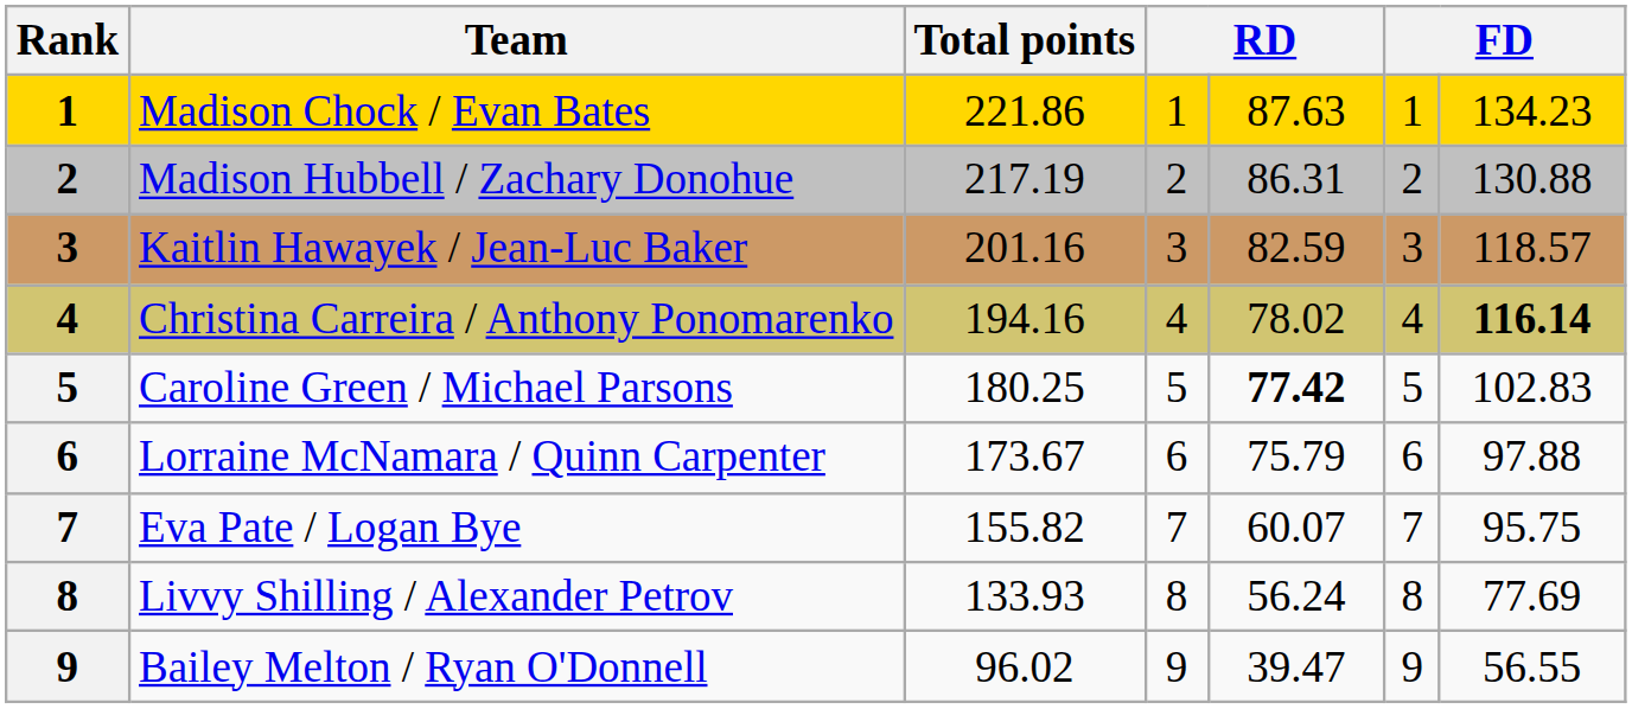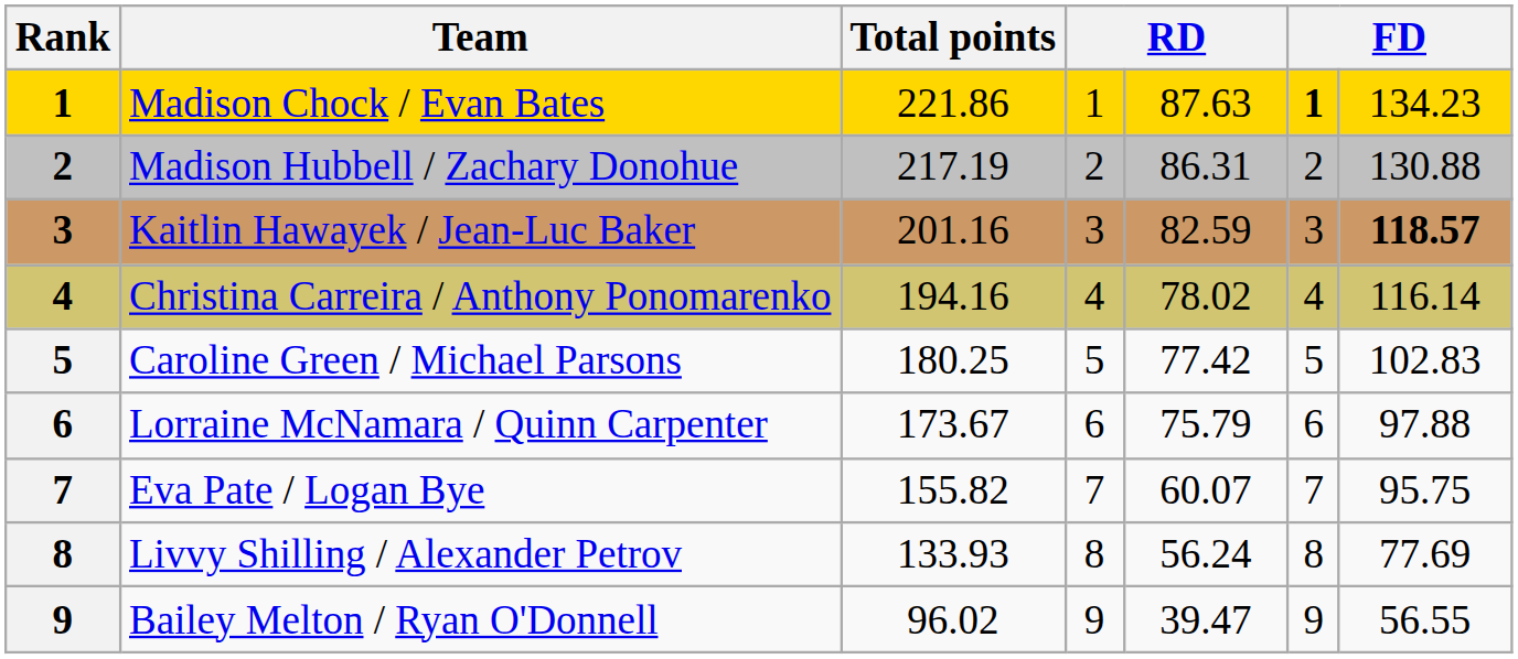 <table class="wikitable sortable">
 <tr>
 <th>Rank</th>
 <th>Team</th>
 <th>Total points</th>
 <th colspan="2" width="80px"><a href='#'>RD</a></th>
 <th colspan="2" width="80px"><a href='#'>FD</a></th>
 </tr>
 <tr bgcolor="gold">
 <td align="center"><strong>1</strong></td>
 <td><a href='#'>Madison Chock</a> / <a href='#'>Evan Bates</a></td>
 <td align="center">221.86</td>
 <td align="center">1</td>
 <td align="center">87.63</td>
-<td align="center">1</td>
+<td align="center"><strong>1</strong></td>
 <td align="center">134.23</td>
 </tr>
 <tr bgcolor="silver">
 <td align="center"><strong>2</strong></td>
 <td><a href='#'>Madison Hubbell</a> / <a href='#'>Zachary Donohue</a></td>
 <td align="center">217.19</td>
 <td align="center">2</td>
 <td align="center">86.31</td>
 <td align="center">2</td>
 <td align="center">130.88</td>
 </tr>
 <tr bgcolor="cc9966">
 <td align="center"><strong>3</strong></td>
 <td><a href='#'>Kaitlin Hawayek</a> / <a href='#'>Jean-Luc Baker</a></td>
 <td align="center">201.16</td>
 <td align="center">3</td>
 <td align="center">82.59</td>
 <td align="center">3</td>
-<td align="center">118.57</td>
+<td align="center"><strong>118.57</strong></td>
 </tr>
 <tr bgcolor="#d1c571">
 <td align="center"><strong>4</strong></td>
 <td><a href='#'>Christina Carreira</a> / <a href='#'>Anthony Ponomarenko</a></td>
 <td align="center">194.16</td>
 <td align="center">4</td>
 <td align="center">78.02</td>
 <td align="center">4</td>
-<td align="center"><strong>116.14</strong></td>
+<td align="center">116.14</td>
 </tr>
 <tr>
 <th>5</th>
 <td><a href='#'>Caroline Green</a> / <a href='#'>Michael Parsons</a></td>
 <td align="center">180.25</td>
 <td align="center">5</td>
-<td align="center"><strong>77.42</strong></td>
+<td align="center">77.42</td>
 <td align="center">5</td>
 <td align="center">102.83</td>
 </tr>
 <tr>
 <th>6</th>
 <td><a href='#'>Lorraine McNamara</a> / <a href='#'>Quinn Carpenter</a></td>
 <td align="center">173.67</td>
 <td align="center">6</td>
 <td align="center">75.79</td>
 <td align="center">6</td>
 <td align="center">97.88</td>
 </tr>
 <tr>
 <th>7</th>
 <td><a href='#'>Eva Pate</a> / <a href='#'>Logan Bye</a></td>
 <td align="center">155.82</td>
 <td align="center">7</td>
 <td align="center">60.07</td>
 <td align="center">7</td>
 <td align="center">95.75</td>
 </tr>
 <tr>
 <th>8</th>
 <td><a href='#'>Livvy Shilling</a> / <a href='#'>Alexander Petrov</a></td>
 <td align="center">133.93</td>
 <td align="center">8</td>
 <td align="center">56.24</td>
 <td align="center">8</td>
 <td align="center">77.69</td>
 </tr>
 <tr>
 <th>9</th>
 <td><a href='#'>Bailey Melton</a> / <a href='#'>Ryan O'Donnell</a></td>
 <td align="center">96.02</td>
 <td align="center">9</td>
 <td align="center">39.47</td>
 <td align="center">9</td>
 <td align="center">56.55</td>
 </tr>
 </table>
